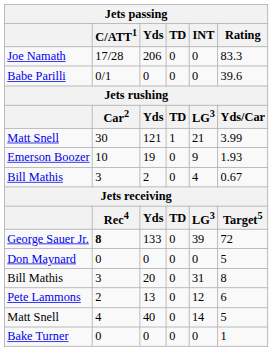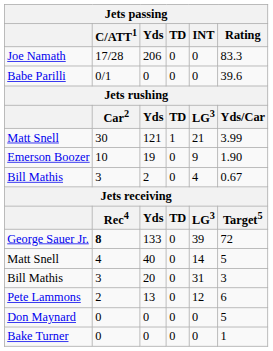 <table class="wikitable">
 <tr>
 <th colspan="6">Jets passing</th>
 </tr>
 <tr>
 <th></th>
 <th>C/ATT<sup>1</sup></th>
 <th>Yds</th>
 <th>TD</th>
 <th>INT</th>
 <th>Rating</th>
 </tr>
 <tr>
 <td><a href='#'>Joe Namath</a></td>
 <td>17/28</td>
 <td>206</td>
 <td>0</td>
 <td>0</td>
 <td>83.3</td>
 </tr>
 <tr>
 <td><a href='#'>Babe Parilli</a></td>
 <td>0/1</td>
 <td>0</td>
 <td>0</td>
 <td>0</td>
 <td>39.6</td>
 </tr>
 <tr>
 <th colspan="6">Jets rushing</th>
 </tr>
 <tr>
 <th></th>
 <th>Car<sup>2</sup></th>
 <th>Yds</th>
 <th>TD</th>
 <th>LG<sup>3</sup></th>
 <th>Yds/Car</th>
 </tr>
 <tr>
 <td><a href='#'>Matt Snell</a></td>
 <td>30</td>
 <td>121</td>
 <td>1</td>
 <td>21</td>
 <td>3.99</td>
 </tr>
 <tr>
 <td><a href='#'>Emerson Boozer</a></td>
 <td>10</td>
 <td>19</td>
 <td>0</td>
 <td>9</td>
-<td>1.93</td>
+<td>1.90</td>
 </tr>
 <tr>
 <td><a href='#'>Bill Mathis</a></td>
 <td>3</td>
 <td>2</td>
 <td>0</td>
 <td>4</td>
 <td>0.67</td>
 </tr>
 <tr>
 <th colspan="6">Jets receiving</th>
 </tr>
 <tr>
 <th></th>
 <th>Rec<sup>4</sup></th>
 <th>Yds</th>
 <th>TD</th>
 <th>LG<sup>3</sup></th>
 <th>Target<sup>5</sup></th>
 </tr>
 <tr>
 <td><a href='#'>George Sauer Jr.</a></td>
 <td><strong>8</strong></td>
 <td>133</td>
 <td>0</td>
 <td>39</td>
 <td>72</td>
 </tr>
 <tr>
-<td><a href='#'>Don Maynard</a></td>
+<td>Matt Snell</td>
+<td>4</td>
+<td>40</td>
 <td>0</td>
-<td>0</td>
-<td>0</td>
-<td>0</td>
+<td>14</td>
 <td>5</td>
 </tr>
 <tr>
 <td>Bill Mathis</td>
 <td>3</td>
 <td>20</td>
 <td>0</td>
 <td>31</td>
-<td>8</td>
+<td>3</td>
 </tr>
 <tr>
 <td><a href='#'>Pete Lammons</a></td>
 <td>2</td>
 <td>13</td>
 <td>0</td>
 <td>12</td>
 <td>6</td>
 </tr>
 <tr>
-<td>Matt Snell</td>
-<td>4</td>
-<td>40</td>
+<td><a href='#'>Don Maynard</a></td>
 <td>0</td>
-<td>14</td>
+<td>0</td>
+<td>0</td>
+<td>0</td>
 <td>5</td>
 </tr>
 <tr>
 <td><a href='#'>Bake Turner</a></td>
 <td>0</td>
 <td>0</td>
 <td>0</td>
 <td>0</td>
 <td>1</td>
 </tr>
 </table>
